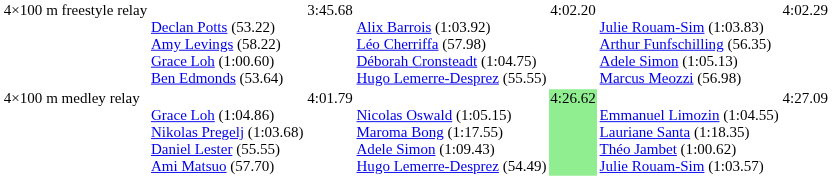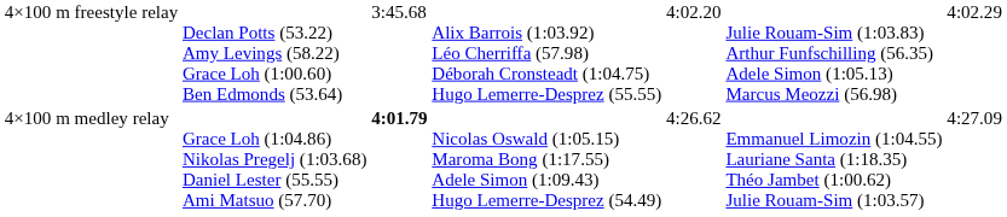 <table>
 <tr valign="top">
 <td>4×100 m freestyle relay</td>
 <td><br><a href='#'>Declan Potts</a> (53.22)<br><a href='#'>Amy Levings</a> (58.22)<br><a href='#'>Grace Loh</a> (1:00.60)<br><a href='#'>Ben Edmonds</a> (53.64)</td>
 <td>3:45.68</td>
 <td><br><a href='#'>Alix Barrois</a> (1:03.92)<br><a href='#'>Léo Cherriffa</a> (57.98)<br><a href='#'>Déborah Cronsteadt</a> (1:04.75)<br><a href='#'>Hugo Lemerre-Desprez</a> (55.55)</td>
 <td>4:02.20</td>
 <td><br><a href='#'>Julie Rouam-Sim</a> (1:03.83)<br><a href='#'>Arthur Funfschilling</a> (56.35)<br><a href='#'>Adele Simon</a> (1:05.13)<br><a href='#'>Marcus Meozzi</a> (56.98)</td>
 <td>4:02.29</td>
 </tr>
 <tr valign="top">
 <td>4×100 m medley relay</td>
 <td><br><a href='#'>Grace Loh</a> (1:04.86)<br><a href='#'>Nikolas Pregelj</a> (1:03.68)<br><a href='#'>Daniel Lester</a> (55.55)<br><a href='#'>Ami Matsuo</a> (57.70)</td>
-<td>4:01.79</td>
+<td><strong>4:01.79</strong></td>
 <td><br><a href='#'>Nicolas Oswald</a> (1:05.15)<br><a href='#'>Maroma Bong</a> (1:17.55)<br><a href='#'>Adele Simon</a> (1:09.43)<br><a href='#'>Hugo Lemerre-Desprez</a> (54.49)</td>
-<td style="background: lightgreen;">4:26.62</td>
+<td>4:26.62</td>
 <td><br><a href='#'>Emmanuel Limozin</a> (1:04.55)<br><a href='#'>Lauriane Santa</a> (1:18.35)<br><a href='#'>Théo Jambet</a> (1:00.62)<br><a href='#'>Julie Rouam-Sim</a> (1:03.57)</td>
 <td>4:27.09</td>
 </tr>
 </table>
